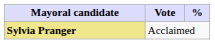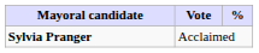 <table class="wikitable">
 <tr>
 <th style="background:#ddf;" width="200px">Mayoral candidate</th>
 <th style="background:#ddf;" width="50px">Vote</th>
 <th style="background:#ddf;" width="30px">%</th>
 </tr>
 <tr>
-<td style="background: khaki;"><strong>Sylvia Pranger</strong></td>
+<td><strong>Sylvia Pranger</strong></td>
 <td colspan="2">Acclaimed</td>
 </tr>
 </table>
